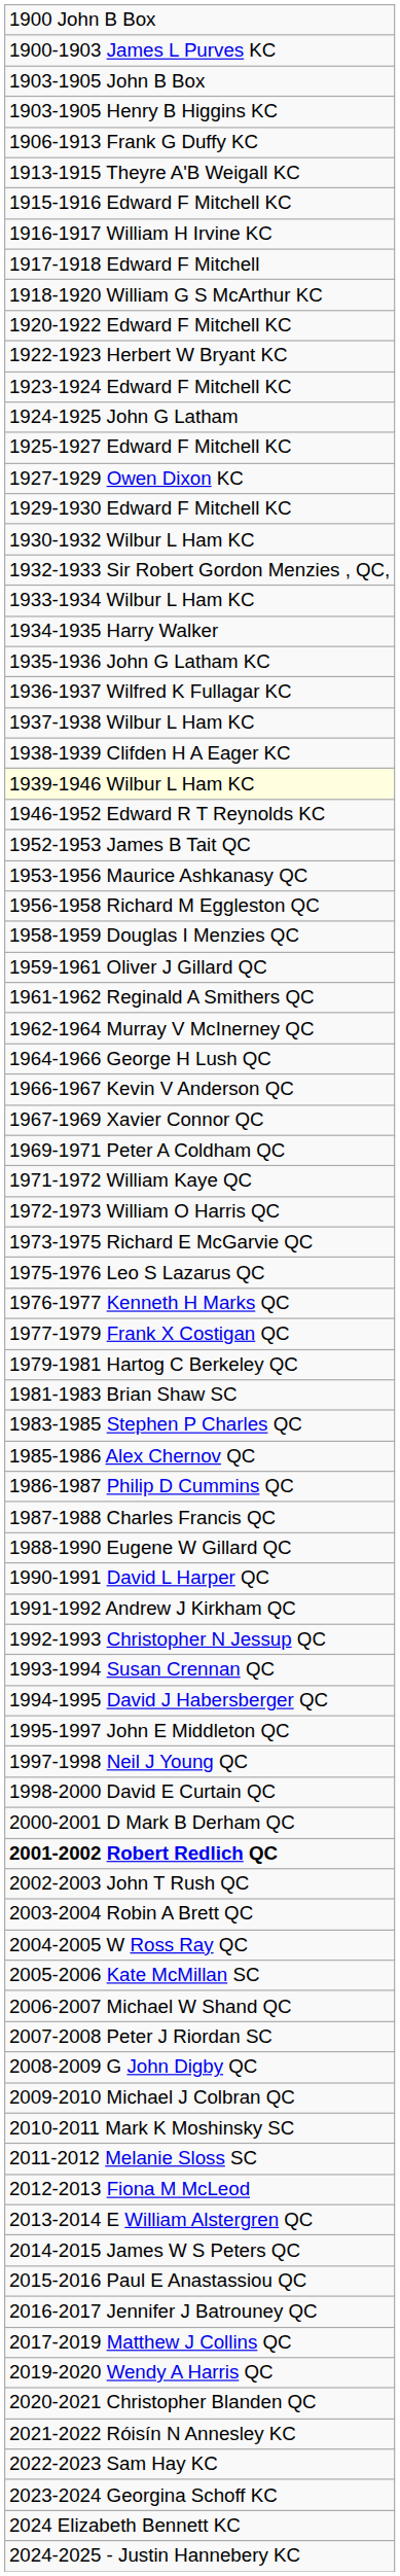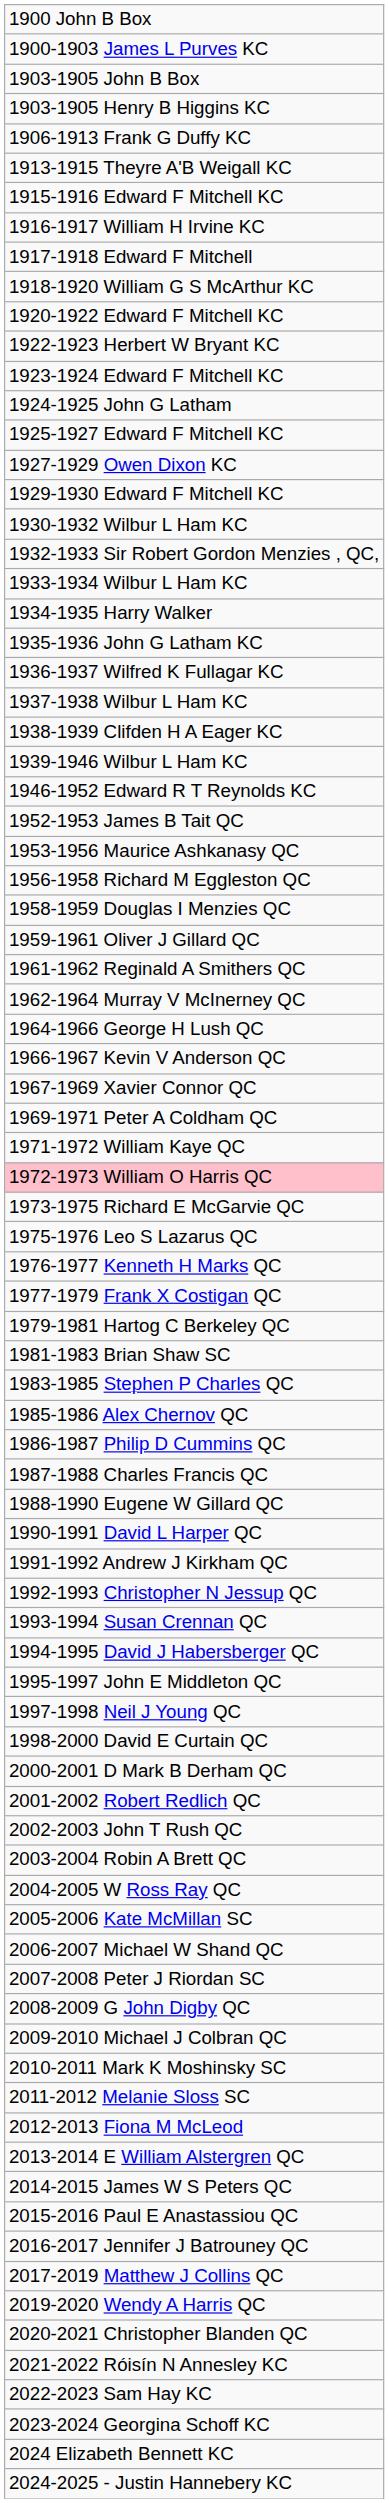 <table class="wikitable">
 <tr>
 <td>1900 John B Box</td>
 </tr>
 <tr>
 <td>1900-1903 <a href='#'>James L Purves</a> KC</td>
 </tr>
 <tr>
 <td>1903-1905 John B Box</td>
 </tr>
 <tr>
 <td>1903-1905 Henry B Higgins KC</td>
 </tr>
 <tr>
 <td>1906-1913 Frank G Duffy KC</td>
 </tr>
 <tr>
 <td>1913-1915 Theyre A'B Weigall KC</td>
 </tr>
 <tr>
 <td>1915-1916 Edward F Mitchell KC</td>
 </tr>
 <tr>
 <td>1916-1917 William H Irvine KC</td>
 </tr>
 <tr>
 <td>1917-1918 Edward F Mitchell</td>
 </tr>
 <tr>
 <td>1918-1920 William G S McArthur KC</td>
 </tr>
 <tr>
 <td>1920-1922 Edward F Mitchell KC</td>
 </tr>
 <tr>
 <td>1922-1923 Herbert W Bryant KC</td>
 </tr>
 <tr>
 <td>1923-1924 Edward F Mitchell KC</td>
 </tr>
 <tr>
 <td>1924-1925 John G Latham</td>
 </tr>
 <tr>
 <td>1925-1927 Edward F Mitchell KC</td>
 </tr>
 <tr>
 <td>1927-1929 <a href='#'>Owen Dixon</a> KC</td>
 </tr>
 <tr>
 <td>1929-1930 Edward F Mitchell KC</td>
 </tr>
 <tr>
 <td>1930-1932 Wilbur L Ham KC</td>
 </tr>
 <tr>
 <td>1932-1933 Sir Robert Gordon Menzies , QC, </td>
 </tr>
 <tr>
 <td>1933-1934 Wilbur L Ham KC</td>
 </tr>
 <tr>
 <td>1934-1935 Harry Walker</td>
 </tr>
 <tr>
 <td>1935-1936 John G Latham KC</td>
 </tr>
 <tr>
 <td>1936-1937 Wilfred K Fullagar KC</td>
 </tr>
 <tr>
 <td>1937-1938 Wilbur L Ham KC</td>
 </tr>
 <tr>
 <td>1938-1939 Clifden H A Eager KC</td>
 </tr>
 <tr>
-<td style="background: lightyellow;">1939-1946 Wilbur L Ham KC</td>
+<td>1939-1946 Wilbur L Ham KC</td>
 </tr>
 <tr>
 <td>1946-1952 Edward R T Reynolds KC</td>
 </tr>
 <tr>
 <td>1952-1953 James B Tait QC</td>
 </tr>
 <tr>
 <td>1953-1956 Maurice Ashkanasy QC</td>
 </tr>
 <tr>
 <td>1956-1958 Richard M Eggleston QC</td>
 </tr>
 <tr>
 <td>1958-1959 Douglas I Menzies QC</td>
 </tr>
 <tr>
 <td>1959-1961 Oliver J Gillard QC</td>
 </tr>
 <tr>
 <td>1961-1962 Reginald A Smithers QC</td>
 </tr>
 <tr>
 <td>1962-1964 Murray V McInerney QC</td>
 </tr>
 <tr>
 <td>1964-1966 George H Lush QC</td>
 </tr>
 <tr>
 <td>1966-1967 Kevin V Anderson QC</td>
 </tr>
 <tr>
 <td>1967-1969 Xavier Connor QC</td>
 </tr>
 <tr>
 <td>1969-1971 Peter A Coldham QC</td>
 </tr>
 <tr>
 <td>1971-1972 William Kaye QC</td>
 </tr>
 <tr>
-<td>1972-1973 William O Harris QC</td>
+<td style="background: pink;">1972-1973 William O Harris QC</td>
 </tr>
 <tr>
 <td>1973-1975 Richard E McGarvie QC</td>
 </tr>
 <tr>
 <td>1975-1976 Leo S Lazarus QC</td>
 </tr>
 <tr>
 <td>1976-1977 <a href='#'>Kenneth H Marks</a> QC</td>
 </tr>
 <tr>
 <td>1977-1979 <a href='#'>Frank X Costigan</a> QC</td>
 </tr>
 <tr>
 <td>1979-1981 Hartog C Berkeley QC</td>
 </tr>
 <tr>
 <td>1981-1983 Brian Shaw SC</td>
 </tr>
 <tr>
 <td>1983-1985 <a href='#'>Stephen P Charles</a> QC</td>
 </tr>
 <tr>
 <td>1985-1986 <a href='#'>Alex Chernov</a> QC</td>
 </tr>
 <tr>
 <td>1986-1987 <a href='#'>Philip D Cummins</a> QC</td>
 </tr>
 <tr>
 <td>1987-1988 Charles Francis QC</td>
 </tr>
 <tr>
 <td>1988-1990 Eugene W Gillard QC</td>
 </tr>
 <tr>
 <td>1990-1991 <a href='#'>David L Harper</a> QC</td>
 </tr>
 <tr>
 <td>1991-1992 Andrew J Kirkham QC</td>
 </tr>
 <tr>
 <td>1992-1993 <a href='#'>Christopher N Jessup</a> QC</td>
 </tr>
 <tr>
 <td>1993-1994 <a href='#'>Susan Crennan</a> QC</td>
 </tr>
 <tr>
 <td>1994-1995 <a href='#'>David J Habersberger</a> QC</td>
 </tr>
 <tr>
 <td>1995-1997 John E Middleton QC</td>
 </tr>
 <tr>
 <td>1997-1998 <a href='#'>Neil J Young</a> QC</td>
 </tr>
 <tr>
 <td>1998-2000 David E Curtain QC</td>
 </tr>
 <tr>
 <td>2000-2001 D Mark B Derham QC</td>
 </tr>
 <tr>
-<td><strong>2001-2002 <a href='#'>Robert Redlich</a> QC</strong></td>
+<td>2001-2002 <a href='#'>Robert Redlich</a> QC</td>
 </tr>
 <tr>
 <td>2002-2003 John T Rush QC</td>
 </tr>
 <tr>
 <td>2003-2004 Robin A Brett QC</td>
 </tr>
 <tr>
 <td>2004-2005 W <a href='#'>Ross Ray</a> QC</td>
 </tr>
 <tr>
 <td>2005-2006 <a href='#'>Kate McMillan</a> SC</td>
 </tr>
 <tr>
 <td>2006-2007 Michael W Shand QC</td>
 </tr>
 <tr>
 <td>2007-2008 Peter J Riordan SC</td>
 </tr>
 <tr>
 <td>2008-2009 G <a href='#'>John Digby</a> QC</td>
 </tr>
 <tr>
 <td>2009-2010 Michael J Colbran QC</td>
 </tr>
 <tr>
 <td>2010-2011 Mark K Moshinsky SC</td>
 </tr>
 <tr>
 <td>2011-2012 <a href='#'>Melanie Sloss</a> SC</td>
 </tr>
 <tr>
 <td>2012-2013 <a href='#'>Fiona M McLeod</a> </td>
 </tr>
 <tr>
 <td>2013-2014 E <a href='#'>William Alstergren</a> QC</td>
 </tr>
 <tr>
 <td>2014-2015 James W S Peters QC</td>
 </tr>
 <tr>
 <td>2015-2016 Paul E Anastassiou QC</td>
 </tr>
 <tr>
 <td>2016-2017 Jennifer J Batrouney QC</td>
 </tr>
 <tr>
 <td>2017-2019 <a href='#'>Matthew J Collins</a> QC</td>
 </tr>
 <tr>
 <td>2019-2020 <a href='#'>Wendy A Harris</a> QC</td>
 </tr>
 <tr>
 <td>2020-2021 Christopher Blanden QC</td>
 </tr>
 <tr>
 <td>2021-2022 Róisín N Annesley KC</td>
 </tr>
 <tr>
 <td>2022-2023 Sam Hay KC</td>
 </tr>
 <tr>
 <td>2023-2024 Georgina Schoff KC</td>
 </tr>
 <tr>
 <td>2024 Elizabeth Bennett KC</td>
 </tr>
 <tr>
 <td>2024-2025 - Justin Hannebery KC</td>
 </tr>
 </table>
